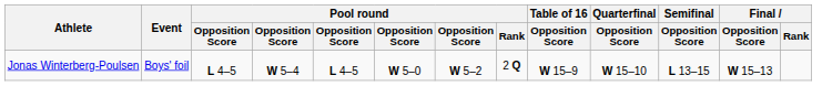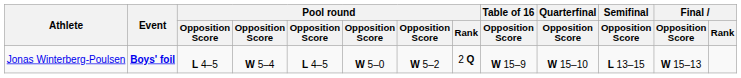 <table class=wikitable style=font-size:90%;text-align:center>
 <tr>
 <th rowspan="2">Athlete</th>
 <th rowspan="2">Event</th>
 <th colspan="6">Pool round</th>
 <th>Table of 16</th>
 <th>Quarterfinal</th>
 <th>Semifinal</th>
 <th colspan=2>Final / </th>
 </tr>
 <tr style="font-size:95%">
 <th>Opposition<br>Score</th>
 <th>Opposition<br>Score</th>
 <th>Opposition<br>Score</th>
 <th>Opposition<br>Score</th>
 <th>Opposition<br>Score</th>
 <th>Rank</th>
 <th>Opposition<br>Score</th>
 <th>Opposition<br>Score</th>
 <th>Opposition<br>Score</th>
 <th>Opposition<br>Score</th>
 <th>Rank</th>
 </tr>
 <tr>
 <td><a href='#'>Jonas Winterberg-Poulsen</a></td>
-<td><a href='#'>Boys' foil</a></td>
+<td><strong><a href='#'>Boys' foil</a></strong></td>
 <td><br><strong>L</strong> 4–5</td>
 <td><br><strong>W</strong> 5–4</td>
 <td><br><strong>L</strong> 4–5</td>
 <td><br><strong>W</strong> 5–0</td>
 <td><br><strong>W</strong> 5–2</td>
 <td>2 <strong>Q</strong></td>
 <td><br><strong>W</strong> 15–9</td>
 <td><br><strong>W</strong> 15–10</td>
 <td><br><strong>L</strong> 13–15</td>
 <td><br><strong>W</strong> 15–13</td>
 <td></td>
 </tr>
 </table>
